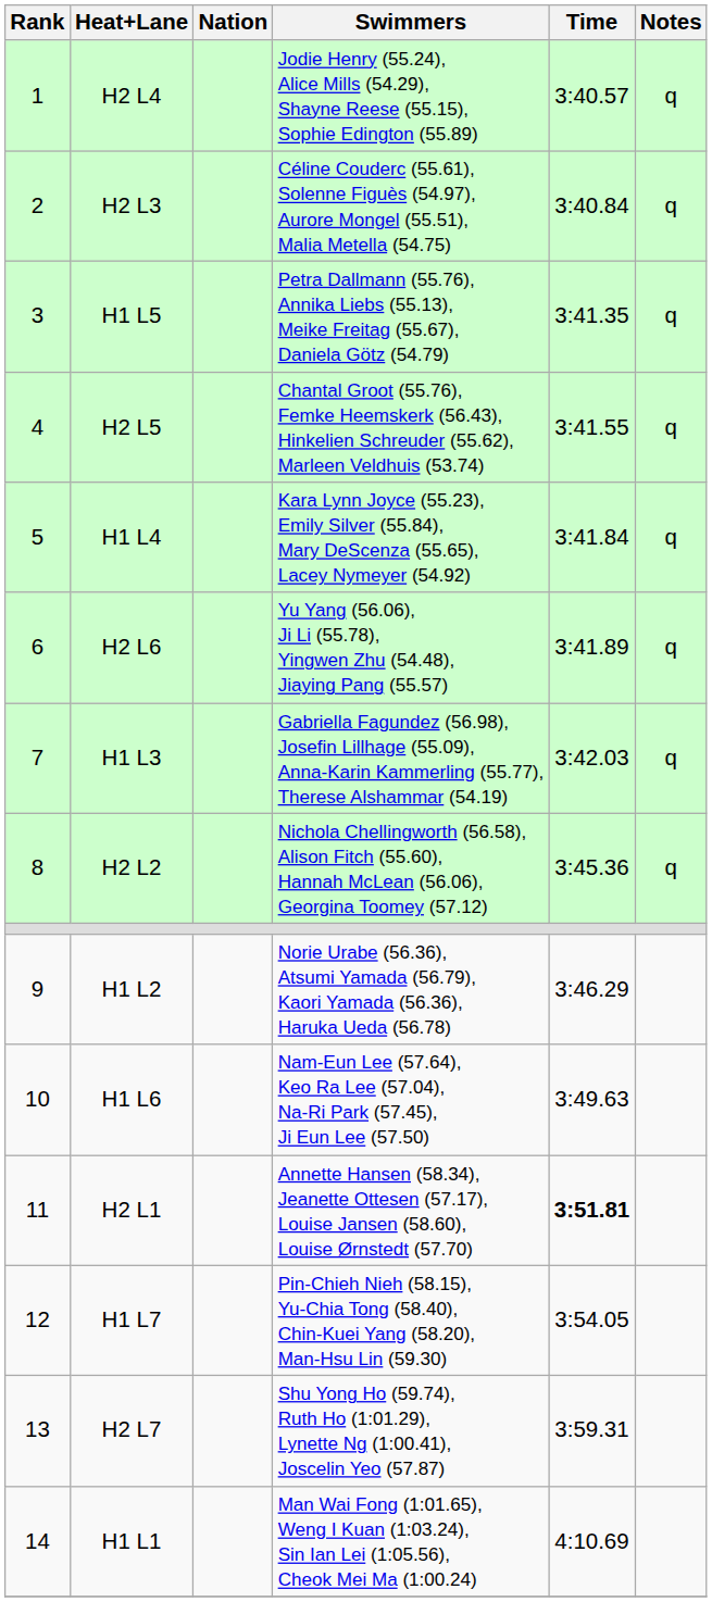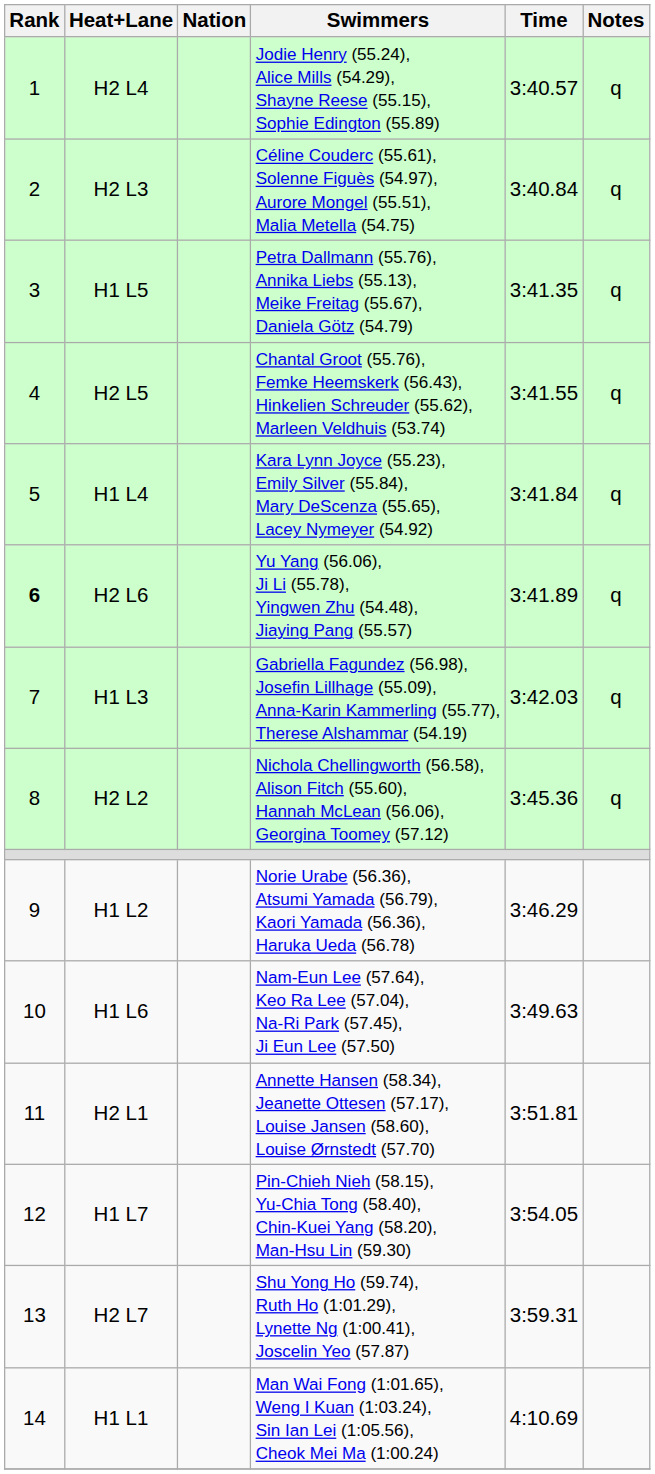 <table class="wikitable sortable" style="text-align:center">
 <tr>
 <th>Rank</th>
 <th>Heat+Lane</th>
 <th>Nation</th>
 <th>Swimmers</th>
 <th>Time</th>
 <th>Notes</th>
 </tr>
 <tr bgcolor=ccffcc>
 <td>1</td>
 <td>H2 L4</td>
 <td align=left></td>
 <td align=left><small> <a href='#'>Jodie Henry</a> (55.24),<br> <a href='#'>Alice Mills</a> (54.29),<br> <a href='#'>Shayne Reese</a> (55.15),<br> <a href='#'>Sophie Edington</a> (55.89) </small></td>
 <td>3:40.57</td>
 <td>q</td>
 </tr>
 <tr bgcolor=ccffcc>
 <td>2</td>
 <td>H2 L3</td>
 <td align=left></td>
 <td align=left><small> <a href='#'>Céline Couderc</a> (55.61),<br> <a href='#'>Solenne Figuès</a> (54.97),<br> <a href='#'>Aurore Mongel</a> (55.51),<br> <a href='#'>Malia Metella</a> (54.75) </small></td>
 <td>3:40.84</td>
 <td>q</td>
 </tr>
 <tr bgcolor=ccffcc>
 <td>3</td>
 <td>H1 L5</td>
 <td align=left></td>
 <td align=left><small> <a href='#'>Petra Dallmann</a> (55.76),<br> <a href='#'>Annika Liebs</a> (55.13),<br> <a href='#'>Meike Freitag</a> (55.67),<br> <a href='#'>Daniela Götz</a> (54.79) </small></td>
 <td>3:41.35</td>
 <td>q</td>
 </tr>
 <tr bgcolor=ccffcc>
 <td>4</td>
 <td>H2 L5</td>
 <td align=left></td>
 <td align=left><small> <a href='#'>Chantal Groot</a> (55.76),<br> <a href='#'>Femke Heemskerk</a> (56.43),<br> <a href='#'>Hinkelien Schreuder</a> (55.62),<br> <a href='#'>Marleen Veldhuis</a> (53.74) </small></td>
 <td>3:41.55</td>
 <td>q</td>
 </tr>
 <tr bgcolor=ccffcc>
 <td>5</td>
 <td>H1 L4</td>
 <td align=left></td>
 <td align=left><small> <a href='#'>Kara Lynn Joyce</a> (55.23),<br> <a href='#'>Emily Silver</a> (55.84),<br> <a href='#'>Mary DeScenza</a> (55.65),<br> <a href='#'>Lacey Nymeyer</a> (54.92) </small></td>
 <td>3:41.84</td>
 <td>q</td>
 </tr>
 <tr bgcolor=ccffcc>
-<td>6</td>
+<td><strong>6</strong></td>
 <td>H2 L6</td>
 <td align=left></td>
 <td align=left><small> <a href='#'>Yu Yang</a> (56.06),<br> <a href='#'>Ji Li</a> (55.78),<br> <a href='#'>Yingwen Zhu</a> (54.48),<br> <a href='#'>Jiaying Pang</a> (55.57) </small></td>
 <td>3:41.89</td>
 <td>q</td>
 </tr>
 <tr bgcolor=ccffcc>
 <td>7</td>
 <td>H1 L3</td>
 <td align=left></td>
 <td align=left><small> <a href='#'>Gabriella Fagundez</a> (56.98),<br> <a href='#'>Josefin Lillhage</a> (55.09),<br> <a href='#'>Anna-Karin Kammerling</a> (55.77),<br> <a href='#'>Therese Alshammar</a> (54.19) </small></td>
 <td>3:42.03</td>
 <td>q</td>
 </tr>
 <tr bgcolor=ccffcc>
 <td>8</td>
 <td>H2 L2</td>
 <td align=left></td>
 <td align=left><small> <a href='#'>Nichola Chellingworth</a> (56.58),<br> <a href='#'>Alison Fitch</a> (55.60),<br> <a href='#'>Hannah McLean</a> (56.06),<br> <a href='#'>Georgina Toomey</a> (57.12) </small></td>
 <td>3:45.36</td>
 <td>q</td>
 </tr>
 <tr bgcolor=#DDDDDD>
 <td colspan=6></td>
 </tr>
 <tr>
 <td>9</td>
 <td>H1 L2</td>
 <td align=left></td>
 <td align=left><small> <a href='#'>Norie Urabe</a> (56.36),<br> <a href='#'>Atsumi Yamada</a> (56.79),<br> <a href='#'>Kaori Yamada</a> (56.36),<br> <a href='#'>Haruka Ueda</a> (56.78) </small></td>
 <td>3:46.29</td>
 <td></td>
 </tr>
 <tr>
 <td>10</td>
 <td>H1 L6</td>
 <td align=left></td>
 <td align=left><small> <a href='#'>Nam-Eun Lee</a> (57.64),<br> <a href='#'>Keo Ra Lee</a> (57.04),<br> <a href='#'>Na-Ri Park</a> (57.45),<br> <a href='#'>Ji Eun Lee</a> (57.50) </small></td>
 <td>3:49.63</td>
 <td></td>
 </tr>
 <tr>
 <td>11</td>
 <td>H2 L1</td>
 <td align=left></td>
 <td align=left><small> <a href='#'>Annette Hansen</a> (58.34),<br> <a href='#'>Jeanette Ottesen</a> (57.17),<br> <a href='#'>Louise Jansen</a> (58.60),<br> <a href='#'>Louise Ørnstedt</a> (57.70) </small></td>
-<td><strong>3:51.81</strong></td>
+<td>3:51.81</td>
 <td></td>
 </tr>
 <tr>
 <td>12</td>
 <td>H1 L7</td>
 <td align=left></td>
 <td align=left><small> <a href='#'>Pin-Chieh Nieh</a> (58.15),<br> <a href='#'>Yu-Chia Tong</a> (58.40),<br> <a href='#'>Chin-Kuei Yang</a> (58.20),<br> <a href='#'>Man-Hsu Lin</a> (59.30) </small></td>
 <td>3:54.05</td>
 <td></td>
 </tr>
 <tr>
 <td>13</td>
 <td>H2 L7</td>
 <td align=left></td>
 <td align=left><small> <a href='#'>Shu Yong Ho</a> (59.74),<br> <a href='#'>Ruth Ho</a> (1:01.29),<br> <a href='#'>Lynette Ng</a> (1:00.41),<br> <a href='#'>Joscelin Yeo</a> (57.87) </small></td>
 <td>3:59.31</td>
 <td></td>
 </tr>
 <tr>
 <td>14</td>
 <td>H1 L1</td>
 <td align=left></td>
 <td align=left><small> <a href='#'>Man Wai Fong</a> (1:01.65),<br> <a href='#'>Weng I Kuan</a> (1:03.24),<br> <a href='#'>Sin Ian Lei</a> (1:05.56),<br> <a href='#'>Cheok Mei Ma</a> (1:00.24) </small></td>
 <td>4:10.69</td>
 <td></td>
 </tr>
 <tr>
 </tr>
 </table>
